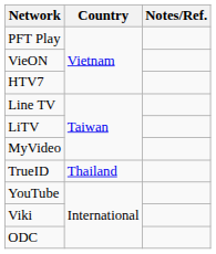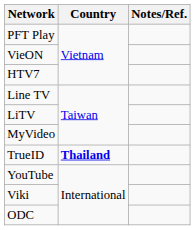 <table class="wikitable">
 <tr>
 <th>Network</th>
 <th>Country</th>
 <th>Notes/Ref.</th>
 </tr>
 <tr>
 <td>PFT Play</td>
 <td rowspan="3"> <a href='#'>Vietnam</a></td>
 <td></td>
 </tr>
 <tr>
 <td>VieON</td>
 <td></td>
 </tr>
 <tr>
 <td>HTV7</td>
 <td></td>
 </tr>
 <tr>
 <td>Line TV</td>
 <td rowspan="3"> <a href='#'>Taiwan</a></td>
 <td></td>
 </tr>
 <tr>
 <td>LiTV</td>
 <td></td>
 </tr>
 <tr>
 <td>MyVideo</td>
 <td></td>
 </tr>
 <tr>
 <td>TrueID</td>
-<td> <a href='#'>Thailand</a></td>
+<td><strong> <a href='#'>Thailand</a></strong></td>
 <td></td>
 </tr>
 <tr>
 <td>YouTube</td>
 <td rowspan="3">International</td>
 <td></td>
 </tr>
 <tr>
 <td>Viki</td>
 <td></td>
 </tr>
 <tr>
 <td>ODC</td>
 <td></td>
 </tr>
 </table>
